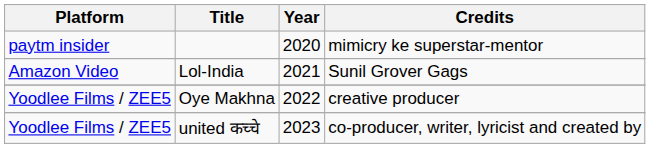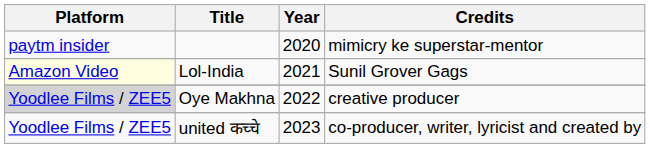 <table class="wikitable">
 <tr>
 <th>Platform</th>
 <th>Title</th>
 <th>Year</th>
 <th>Credits</th>
 </tr>
 <tr>
 <td><a href='#'>paytm insider</a></td>
 <td></td>
 <td>2020</td>
 <td>mimicry ke superstar-mentor</td>
 </tr>
 <tr>
 </tr>
 <tr>
-<td><a href='#'>Amazon Video</a></td>
+<td style="background: lightyellow;"><a href='#'>Amazon Video</a></td>
 <td>Lol-India</td>
 <td>2021</td>
 <td>Sunil Grover Gags</td>
 </tr>
 <tr>
 </tr>
 <tr>
-<td><a href='#'>Yoodlee Films</a> / <a href='#'>ZEE5</a></td>
+<td style="background: lightgrey;"><a href='#'>Yoodlee Films</a> / <a href='#'>ZEE5</a></td>
 <td>Oye Makhna</td>
 <td>2022</td>
 <td>creative producer</td>
 </tr>
 <tr>
 </tr>
 <tr>
 <td><a href='#'>Yoodlee Films</a> / <a href='#'>ZEE5</a></td>
 <td>united कच्चे</td>
 <td>2023</td>
 <td>co-producer, writer, lyricist and created by</td>
 </tr>
 </table>
